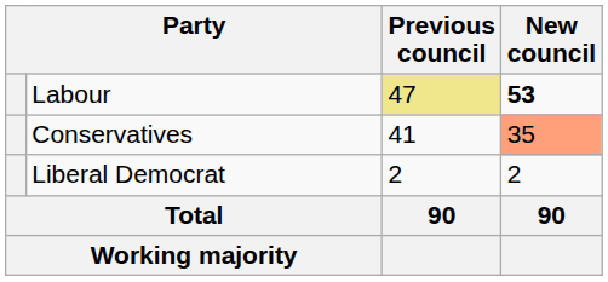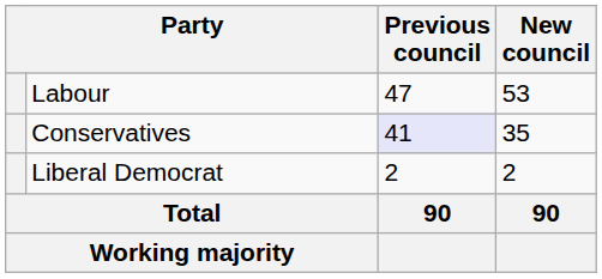 <table class="wikitable">
 <tr>
 <th valign=top colspan="2" style="width: 230px">Party</th>
 <th valign=top style="width: 30px">Previous council</th>
 <th valign=top style="width: 30px">New council</th>
 </tr>
 <tr>
 <th style="background-color: "></th>
 <td>Labour</td>
-<td style="background: khaki;">47</td>
-<td><strong>53</strong></td>
+<td>47</td>
+<td>53</td>
 </tr>
 <tr>
 <th style="background-color: "></th>
 <td>Conservatives</td>
-<td>41</td>
-<td style="background: lightsalmon;">35</td>
+<td style="background: lavender;">41</td>
+<td>35</td>
 </tr>
 <tr>
 <th style="background-color: "></th>
 <td>Liberal Democrat</td>
 <td>2</td>
 <td>2</td>
 </tr>
 <tr>
 <th colspan=2>Total</th>
 <th style="text-align: center">90</th>
 <th colspan=3>90</th>
 </tr>
 <tr>
 <th colspan=2>Working majority</th>
 <th></th>
 <th></th>
 </tr>
 </table>
